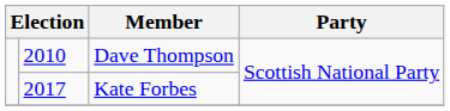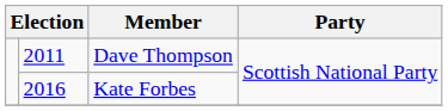 <table class="wikitable">
 <tr>
 <th colspan="2">Election</th>
 <th>Member</th>
 <th>Party</th>
 </tr>
 <tr>
 <td rowspan=2 style="background-color: "></td>
-<td><a href='#'>2010</a></td>
+<td><a href='#'>2011</a></td>
 <td><a href='#'>Dave Thompson</a></td>
 <td rowspan="2"><a href='#'>Scottish National Party</a></td>
 </tr>
 <tr>
-<td><a href='#'>2017</a></td>
+<td><a href='#'>2016</a></td>
 <td><a href='#'>Kate Forbes</a></td>
 </tr>
 <tr>
 </tr>
 </table>
